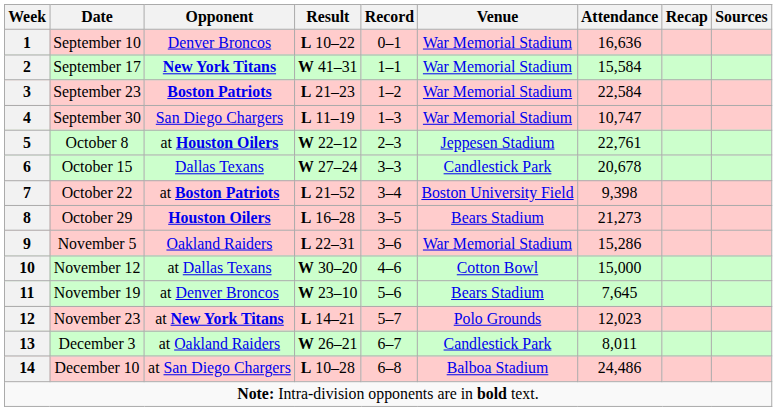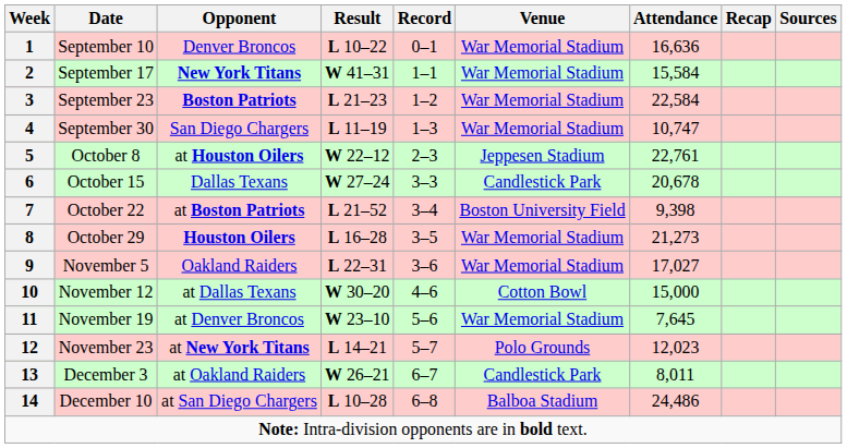 <table class="wikitable" style="text-align:center">
 <tr>
 <th>Week</th>
 <th>Date</th>
 <th>Opponent</th>
 <th>Result</th>
 <th>Record</th>
 <th>Venue</th>
 <th>Attendance</th>
 <th>Recap</th>
 <th>Sources</th>
 </tr>
 <tr style="background:#fcc">
 <th>1</th>
 <td>September 10</td>
 <td><a href='#'>Denver Broncos</a></td>
 <td><strong>L</strong> 10–22</td>
 <td>0–1</td>
 <td><a href='#'>War Memorial Stadium</a></td>
 <td>16,636</td>
 <td></td>
 <td></td>
 </tr>
 <tr style="background:#cfc">
 <th>2</th>
 <td>September 17</td>
 <td><strong><a href='#'>New York Titans</a></strong></td>
 <td><strong>W</strong> 41–31</td>
 <td>1–1</td>
 <td><a href='#'>War Memorial Stadium</a></td>
 <td>15,584</td>
 <td></td>
 <td></td>
 </tr>
 <tr style="background:#fcc">
 <th>3</th>
 <td>September 23</td>
 <td><strong><a href='#'>Boston Patriots</a></strong></td>
 <td><strong>L</strong> 21–23</td>
 <td>1–2</td>
 <td><a href='#'>War Memorial Stadium</a></td>
 <td>22,584</td>
 <td></td>
 <td></td>
 </tr>
 <tr style="background:#fcc">
 <th>4</th>
 <td>September 30</td>
 <td><a href='#'>San Diego Chargers</a></td>
 <td><strong>L</strong> 11–19</td>
 <td>1–3</td>
 <td><a href='#'>War Memorial Stadium</a></td>
 <td>10,747</td>
 <td></td>
 <td></td>
 </tr>
 <tr style="background:#cfc">
 <th>5</th>
 <td>October 8</td>
 <td>at <strong><a href='#'>Houston Oilers</a></strong></td>
 <td><strong>W</strong> 22–12</td>
 <td>2–3</td>
 <td><a href='#'>Jeppesen Stadium</a></td>
 <td>22,761</td>
 <td></td>
 <td></td>
 </tr>
 <tr style="background:#cfc">
 <th>6</th>
 <td>October 15</td>
 <td><a href='#'>Dallas Texans</a></td>
 <td><strong>W</strong> 27–24</td>
 <td>3–3</td>
 <td><a href='#'>Candlestick Park</a></td>
 <td>20,678</td>
 <td></td>
 <td></td>
 </tr>
 <tr style="background:#fcc">
 <th>7</th>
 <td>October 22</td>
 <td>at <strong><a href='#'>Boston Patriots</a></strong></td>
 <td><strong>L</strong> 21–52</td>
 <td>3–4</td>
 <td><a href='#'>Boston University Field</a></td>
 <td>9,398</td>
 <td></td>
 <td></td>
 </tr>
 <tr style="background:#fcc">
 <th>8</th>
 <td>October 29</td>
 <td><strong><a href='#'>Houston Oilers</a></strong></td>
 <td><strong>L</strong> 16–28</td>
 <td>3–5</td>
-<td><a href='#'>Bears Stadium</a></td>
+<td><a href='#'>War Memorial Stadium</a></td>
 <td>21,273</td>
 <td></td>
 <td></td>
 </tr>
 <tr style="background:#fcc">
 <th>9</th>
 <td>November 5</td>
 <td><a href='#'>Oakland Raiders</a></td>
 <td><strong>L</strong> 22–31</td>
 <td>3–6</td>
 <td><a href='#'>War Memorial Stadium</a></td>
-<td>15,286</td>
+<td>17,027</td>
 <td></td>
 <td></td>
 </tr>
 <tr style="background:#cfc">
 <th>10</th>
 <td>November 12</td>
 <td>at <a href='#'>Dallas Texans</a></td>
 <td><strong>W</strong> 30–20</td>
 <td>4–6</td>
 <td><a href='#'>Cotton Bowl</a></td>
 <td>15,000</td>
 <td></td>
 <td></td>
 </tr>
 <tr style="background:#cfc">
 <th>11</th>
 <td>November 19</td>
 <td>at <a href='#'>Denver Broncos</a></td>
 <td><strong>W</strong> 23–10</td>
 <td>5–6</td>
-<td><a href='#'>Bears Stadium</a></td>
+<td><a href='#'>War Memorial Stadium</a></td>
 <td>7,645</td>
 <td></td>
 <td></td>
 </tr>
 <tr style="background:#fcc">
 <th>12</th>
 <td>November 23</td>
 <td>at <strong><a href='#'>New York Titans</a></strong></td>
 <td><strong>L</strong> 14–21</td>
 <td>5–7</td>
 <td><a href='#'>Polo Grounds</a></td>
 <td>12,023</td>
 <td></td>
 <td></td>
 </tr>
 <tr style="background:#cfc">
 <th>13</th>
 <td>December 3</td>
 <td>at <a href='#'>Oakland Raiders</a></td>
 <td><strong>W</strong> 26–21</td>
 <td>6–7</td>
 <td><a href='#'>Candlestick Park</a></td>
 <td>8,011</td>
 <td></td>
 <td></td>
 </tr>
 <tr style="background:#fcc">
 <th>14</th>
 <td>December 10</td>
 <td>at <a href='#'>San Diego Chargers</a></td>
 <td><strong>L</strong> 10–28</td>
 <td>6–8</td>
 <td><a href='#'>Balboa Stadium</a></td>
 <td>24,486</td>
 <td></td>
 <td></td>
 </tr>
 <tr>
 <td colspan="10"><strong>Note:</strong> Intra-division opponents are in <strong>bold</strong> text.</td>
 </tr>
 </table>
